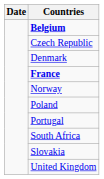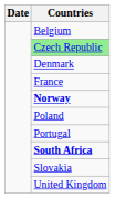 <table class="wikitable">
 <tr>
 <th>Date</th>
 <th>Countries</th>
 </tr>
 <tr>
 <td rowspan="10"></td>
-<td><strong><a href='#'>Belgium</a></strong></td>
+<td><a href='#'>Belgium</a></td>
 </tr>
 <tr>
-<td><a href='#'>Czech Republic</a></td>
+<td style="background: lightgreen;"><a href='#'>Czech Republic</a></td>
 </tr>
 <tr>
 <td><a href='#'>Denmark</a></td>
 </tr>
 <tr>
-<td><strong><a href='#'>France</a></strong></td>
+<td><a href='#'>France</a></td>
 </tr>
 <tr>
-<td><a href='#'>Norway</a></td>
+<td><strong><a href='#'>Norway</a></strong></td>
 </tr>
 <tr>
 <td><a href='#'>Poland</a></td>
 </tr>
 <tr>
 <td><a href='#'>Portugal</a></td>
 </tr>
 <tr>
-<td><a href='#'>South Africa</a></td>
+<td><strong><a href='#'>South Africa</a></strong></td>
 </tr>
 <tr>
 <td><a href='#'>Slovakia</a></td>
 </tr>
 <tr>
 <td><a href='#'>United Kingdom</a></td>
 </tr>
 </table>
